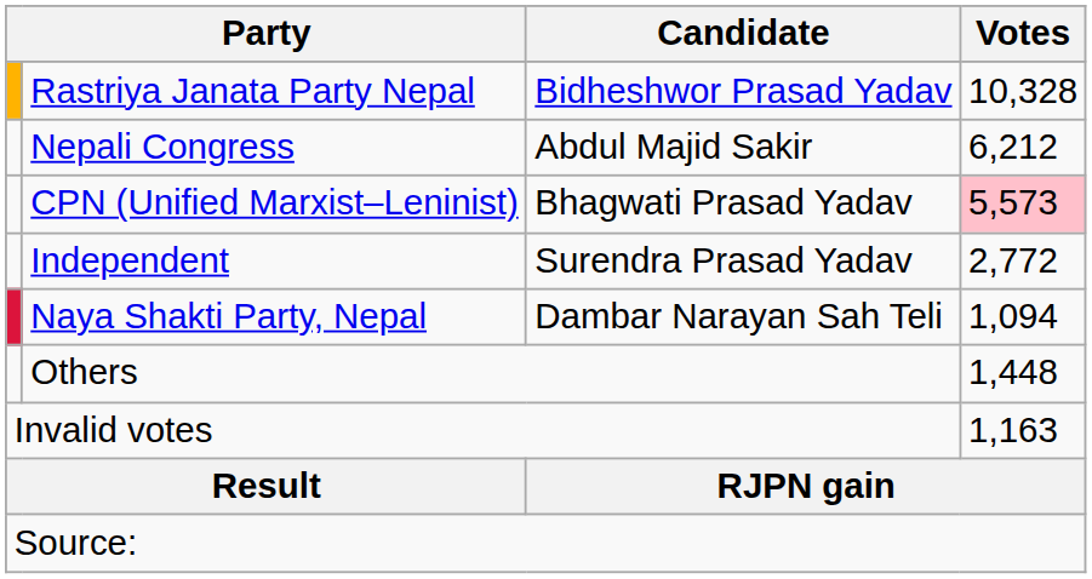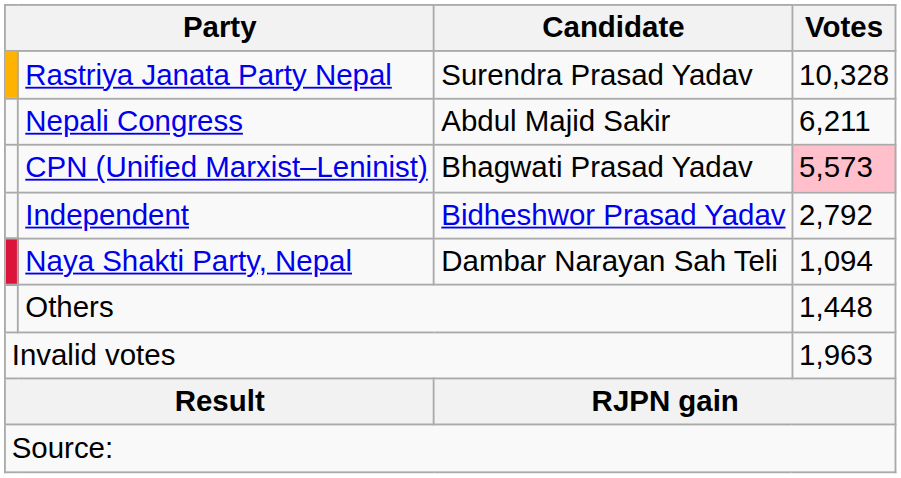 <table class="wikitable">
 <tr>
 <th colspan="2">Party</th>
 <th>Candidate</th>
 <th>Votes</th>
 </tr>
 <tr>
 <td style="background-color:#ffb300"></td>
 <td><a href='#'>Rastriya Janata Party Nepal</a></td>
-<td><a href='#'>Bidheshwor Prasad Yadav</a></td>
+<td>Surendra Prasad Yadav</td>
 <td>10,328</td>
 </tr>
 <tr>
 <td style="background-color:"></td>
 <td><a href='#'>Nepali Congress</a></td>
 <td>Abdul Majid Sakir</td>
-<td>6,212</td>
+<td>6,211</td>
 </tr>
 <tr>
 <td style="background-color:"></td>
 <td><a href='#'>CPN (Unified Marxist–Leninist)</a></td>
 <td>Bhagwati Prasad Yadav</td>
 <td style="background: pink;">5,573</td>
 </tr>
 <tr>
 <td style="background-color:"></td>
 <td><a href='#'>Independent</a></td>
-<td>Surendra Prasad Yadav</td>
-<td>2,772</td>
+<td><a href='#'>Bidheshwor Prasad Yadav</a></td>
+<td>2,792</td>
 </tr>
 <tr>
 <td style="background-color:crimson"></td>
 <td><a href='#'>Naya Shakti Party, Nepal</a></td>
 <td>Dambar Narayan Sah Teli</td>
 <td>1,094</td>
 </tr>
 <tr>
 <td></td>
 <td colspan="2">Others</td>
 <td>1,448</td>
 </tr>
 <tr>
 <td colspan="3">Invalid votes</td>
-<td>1,163</td>
+<td>1,963</td>
 </tr>
 <tr>
 <th colspan="2">Result</th>
 <th colspan="2">RJPN gain</th>
 </tr>
 <tr>
 <td colspan="4">Source: </td>
 </tr>
 </table>
